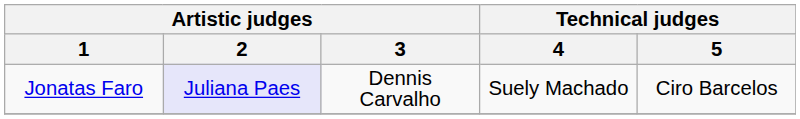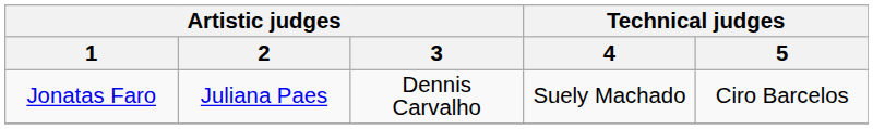 <table class="wikitable" style="font-size:100%; line-height:16px; text-align:center" width="100%">
 <tr>
 <th colspan=3>Artistic judges</th>
 <th colspan=2>Technical judges</th>
 </tr>
 <tr>
 <th width="20%">1</th>
 <th width="20%">2</th>
 <th width="20%">3</th>
 <th width="20%">4</th>
 <th width="20%">5</th>
 </tr>
 <tr>
 <td><a href='#'>Jonatas Faro</a></td>
-<td style="background: lavender;"><a href='#'>Juliana Paes</a></td>
+<td><a href='#'>Juliana Paes</a></td>
 <td>Dennis Carvalho</td>
 <td>Suely Machado</td>
 <td>Ciro Barcelos</td>
 </tr>
 <tr>
 </tr>
 </table>
